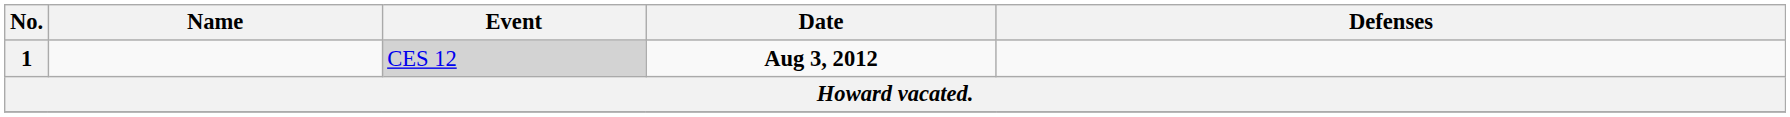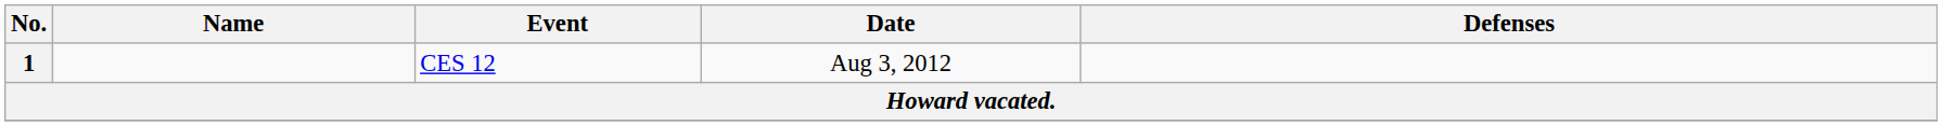 <table class="wikitable" width=100%>
 <tr>
 <th width=1%>No.</th>
 <th width=19%>Name</th>
 <th width=15%>Event</th>
 <th width=20%>Date</th>
 <th width=45%>Defenses</th>
 </tr>
 <tr>
 <th>1</th>
 <td><br></td>
-<td style="background: lightgrey;"><a href='#'>CES 12</a><br></td>
-<td align=center><strong>Aug 3, 2012</strong></td>
+<td><a href='#'>CES 12</a><br></td>
+<td align=center>Aug 3, 2012</td>
 <td></td>
 </tr>
 <tr>
 <th colspan=6 align=center><em>Howard vacated.</em></th>
 </tr>
 <tr>
 </tr>
 </table>
